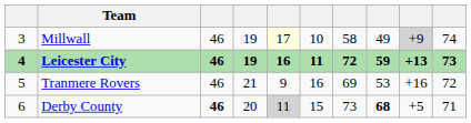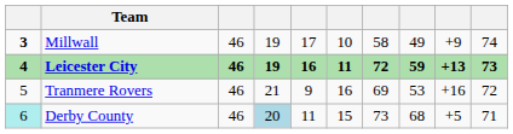 <table class="wikitable" style="text-align:center">
 <tr>
 <th width="30"></th>
 <th width="175">Team</th>
 <th width="30"></th>
 <th width="30"></th>
 <th width="30"></th>
 <th width="30"></th>
 <th width="30"></th>
 <th width="30"></th>
 <th width="30"></th>
 <th width="30"></th>
 </tr>
 <tr>
-<td>3</td>
+<td><strong>3</strong></td>
 <td align=left><a href='#'>Millwall</a></td>
 <td>46</td>
 <td>19</td>
-<td style="background: lightyellow;">17</td>
+<td>17</td>
 <td>10</td>
 <td>58</td>
 <td>49</td>
-<td style="background: lightgrey;">+9</td>
+<td>+9</td>
 <td>74</td>
 </tr>
 <tr bgcolor=#ADDFAD>
 <td><strong>4</strong></td>
 <td align=left><strong><a href='#'>Leicester City</a></strong></td>
 <td><strong>46</strong></td>
 <td><strong>19</strong></td>
 <td><strong>16</strong></td>
 <td><strong>11</strong></td>
 <td><strong>72</strong></td>
 <td><strong>59</strong></td>
 <td><strong>+13</strong></td>
 <td><strong>73</strong></td>
 </tr>
 <tr>
 <td>5</td>
 <td align=left><a href='#'>Tranmere Rovers</a></td>
 <td>46</td>
 <td>21</td>
 <td>9</td>
 <td>16</td>
 <td>69</td>
 <td>53</td>
 <td>+16</td>
 <td>72</td>
 </tr>
 <tr>
-<td>6</td>
+<td style="background: paleturquoise;">6</td>
 <td align=left><a href='#'>Derby County</a></td>
-<td><strong>46</strong></td>
-<td>20</td>
-<td style="background: lightgrey;">11</td>
+<td>46</td>
+<td style="background: lightblue;">20</td>
+<td>11</td>
 <td>15</td>
 <td>73</td>
-<td><strong>68</strong></td>
+<td>68</td>
 <td>+5</td>
 <td>71</td>
 </tr>
 </table>
